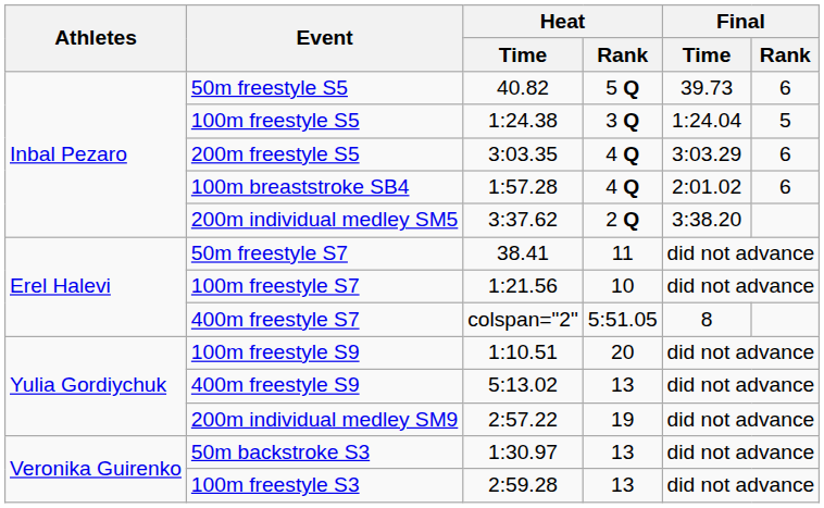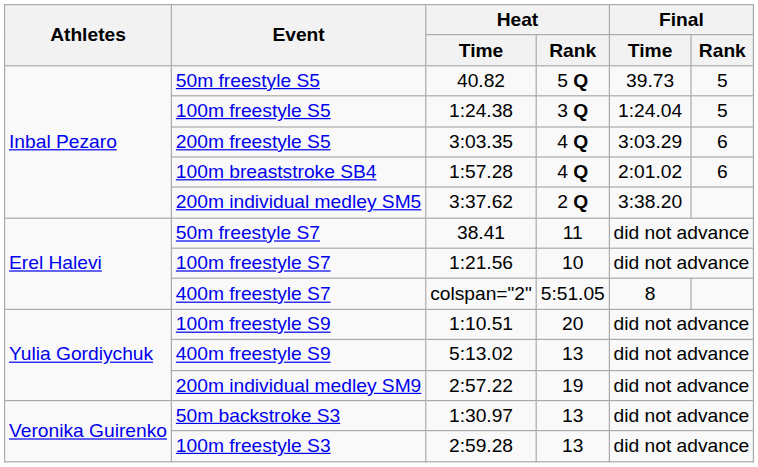 <table class=wikitable>
 <tr>
 <th rowspan="2">Athletes</th>
 <th rowspan="2">Event</th>
 <th colspan="2">Heat</th>
 <th colspan="2">Final</th>
 </tr>
 <tr>
 <th>Time</th>
 <th>Rank</th>
 <th>Time</th>
 <th>Rank</th>
 </tr>
 <tr align="center">
 <td align="left" rowspan="5"><a href='#'>Inbal Pezaro</a></td>
 <td align="left"><a href='#'>50m freestyle S5</a></td>
 <td>40.82</td>
 <td>5 <strong>Q</strong></td>
 <td>39.73</td>
-<td>6</td>
+<td>5</td>
 </tr>
 <tr align="center">
 <td align="left"><a href='#'>100m freestyle S5</a></td>
 <td>1:24.38</td>
 <td>3 <strong>Q</strong></td>
 <td>1:24.04</td>
 <td>5</td>
 </tr>
 <tr align="center">
 <td align="left"><a href='#'>200m freestyle S5</a></td>
 <td>3:03.35</td>
 <td>4 <strong>Q</strong></td>
 <td>3:03.29</td>
 <td>6</td>
 </tr>
 <tr align="center">
 <td align="left"><a href='#'>100m breaststroke SB4</a></td>
 <td>1:57.28</td>
 <td>4 <strong>Q</strong></td>
 <td>2:01.02</td>
 <td>6</td>
 </tr>
 <tr align="center">
 <td align="left"><a href='#'>200m individual medley SM5</a></td>
 <td>3:37.62</td>
 <td>2 <strong>Q</strong></td>
 <td>3:38.20</td>
 <td></td>
 </tr>
 <tr align="center">
 <td align="left" rowspan="3"><a href='#'>Erel Halevi</a></td>
 <td align="left"><a href='#'>50m freestyle S7</a></td>
 <td>38.41</td>
 <td>11</td>
 <td colspan="2">did not advance</td>
 </tr>
 <tr align="center">
 <td align="left"><a href='#'>100m freestyle S7</a></td>
 <td>1:21.56</td>
 <td>10</td>
 <td colspan="2">did not advance</td>
 </tr>
 <tr align="center">
 <td align="left"><a href='#'>400m freestyle S7</a></td>
 <td>colspan="2" </td>
 <td>5:51.05</td>
 <td>8</td>
 </tr>
 <tr align="center">
 <td align="left" rowspan="3"><a href='#'>Yulia Gordiychuk</a></td>
 <td align="left"><a href='#'>100m freestyle S9</a></td>
 <td>1:10.51</td>
 <td>20</td>
 <td colspan="2">did not advance</td>
 </tr>
 <tr align="center">
 <td align="left"><a href='#'>400m freestyle S9</a></td>
 <td>5:13.02</td>
 <td>13</td>
 <td colspan="2">did not advance</td>
 </tr>
 <tr align="center">
 <td align="left"><a href='#'>200m individual medley SM9</a></td>
 <td>2:57.22</td>
 <td>19</td>
 <td colspan="2">did not advance</td>
 </tr>
 <tr align="center">
 <td align="left" rowspan="3"><a href='#'>Veronika Guirenko</a></td>
 <td align="left"><a href='#'>50m backstroke S3</a></td>
 <td>1:30.97</td>
 <td>13</td>
 <td colspan="2">did not advance</td>
 </tr>
 <tr align="center">
 <td align="left"><a href='#'>100m freestyle S3</a></td>
 <td>2:59.28</td>
 <td>13</td>
 <td colspan="2">did not advance</td>
 </tr>
 </table>
